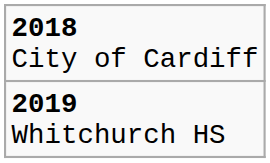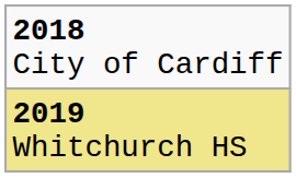 <table class="wikitable">
 <tr>
 <td><strong>2018</strong><br>City of Cardiff</td>
 </tr>
 <tr>
-<td><strong>2019</strong><br>Whitchurch HS</td>
+<td style="background: khaki;"><strong>2019</strong><br>Whitchurch HS</td>
 </tr>
 </table>
